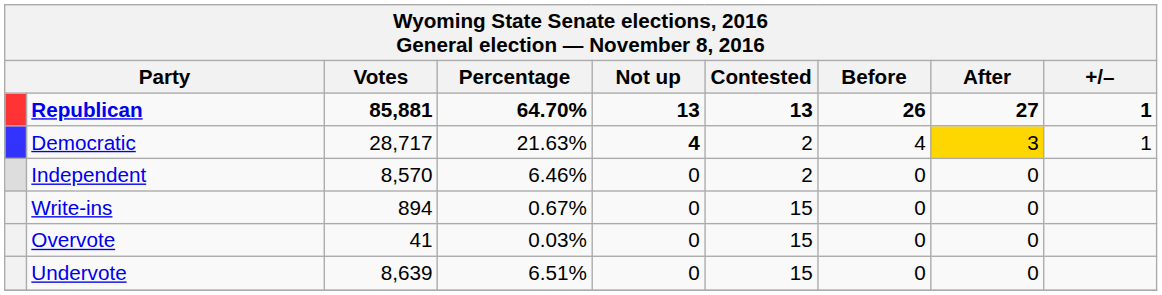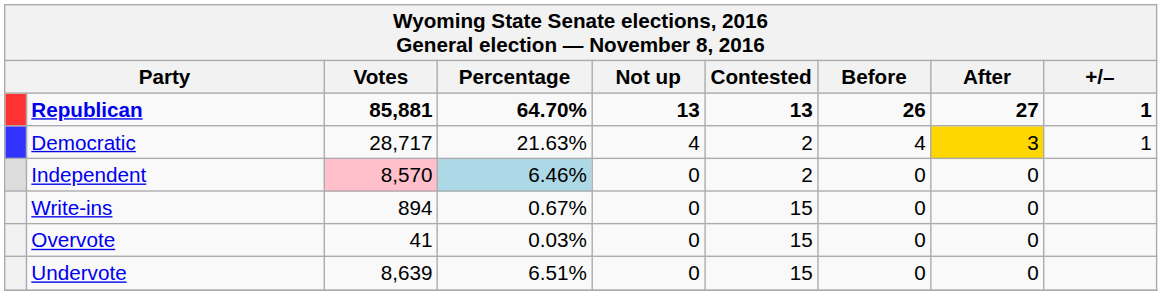 <table class="wikitable" style="font-size: 95%;">
 <tr style="background-color:#E9E9E9">
 <th colspan="9">Wyoming State Senate elections, 2016<br>General election — November 8, 2016</th>
 </tr>
 <tr bgcolor="#EEEEEE" align="center">
 <th colspan=2 style="width: 15em">Party</th>
 <th style="width: 5em">Votes</th>
 <th style="width: 7em">Percentage</th>
 <th style="width: 5em">Not up</th>
 <th style="width: 5em">Contested</th>
 <th style="width: 5em">Before</th>
 <th style="width: 5em">After</th>
 <th style="width: 5em">+/–</th>
 </tr>
 <tr>
 <th style="background-color:#F33; width: 3px"></th>
 <td style="width: 130px"><strong><a href='#'>Republican</a></strong></td>
 <td align="right"><strong>85,881</strong></td>
 <td align="right"><strong>64.70%</strong></td>
 <td align="right"><strong>13</strong></td>
 <td align="right"><strong>13</strong></td>
 <td align="right"><strong>26</strong></td>
 <td align="right"><strong>27</strong></td>
 <td align="right"><strong> 1</strong></td>
 </tr>
 <tr>
 <th style="background-color:#33F; width: 3px"></th>
 <td style="width: 130px"><a href='#'>Democratic</a></td>
 <td align="right">28,717</td>
 <td align="right">21.63%</td>
-<td align="right"><strong>4</strong></td>
+<td align="right">4</td>
 <td align="right">2</td>
 <td align="right">4</td>
 <td align="right" style="background: gold;">3</td>
 <td align="right"> 1</td>
 </tr>
 <tr>
 <th style="background-color:#DDDDDD; width: 3px"></th>
 <td style="width: 130px"><a href='#'>Independent</a></td>
-<td align="right">8,570</td>
-<td align="right">6.46%</td>
+<td align="right" style="background: pink;">8,570</td>
+<td align="right" style="background: lightblue;">6.46%</td>
 <td align="right">0</td>
 <td align="right">2</td>
 <td align="right">0</td>
 <td align="right">0</td>
 <td align="right"></td>
 </tr>
 <tr>
 <th style="background-color:; width: 3px"></th>
 <td style="width: 130px"><a href='#'>Write-ins</a></td>
 <td align="right">894</td>
 <td align="right">0.67%</td>
 <td align="right">0</td>
 <td align="right">15</td>
 <td align="right">0</td>
 <td align="right">0</td>
 <td align="right"></td>
 </tr>
 <tr>
 <th style="background-color:; width: 3px"></th>
 <td style="width: 130px"><a href='#'>Overvote</a></td>
 <td align="right">41</td>
 <td align="right">0.03%</td>
 <td align="right">0</td>
 <td align="right">15</td>
 <td align="right">0</td>
 <td align="right">0</td>
 <td align="right"></td>
 </tr>
 <tr>
 <th style="background-color:; width: 3px"></th>
 <td style="width: 130px"><a href='#'>Undervote</a></td>
 <td align="right">8,639</td>
 <td align="right">6.51%</td>
 <td align="right">0</td>
 <td align="right">15</td>
 <td align="right">0</td>
 <td align="right">0</td>
 <td align="right"></td>
 </tr>
 <tr>
 </tr>
 </table>
